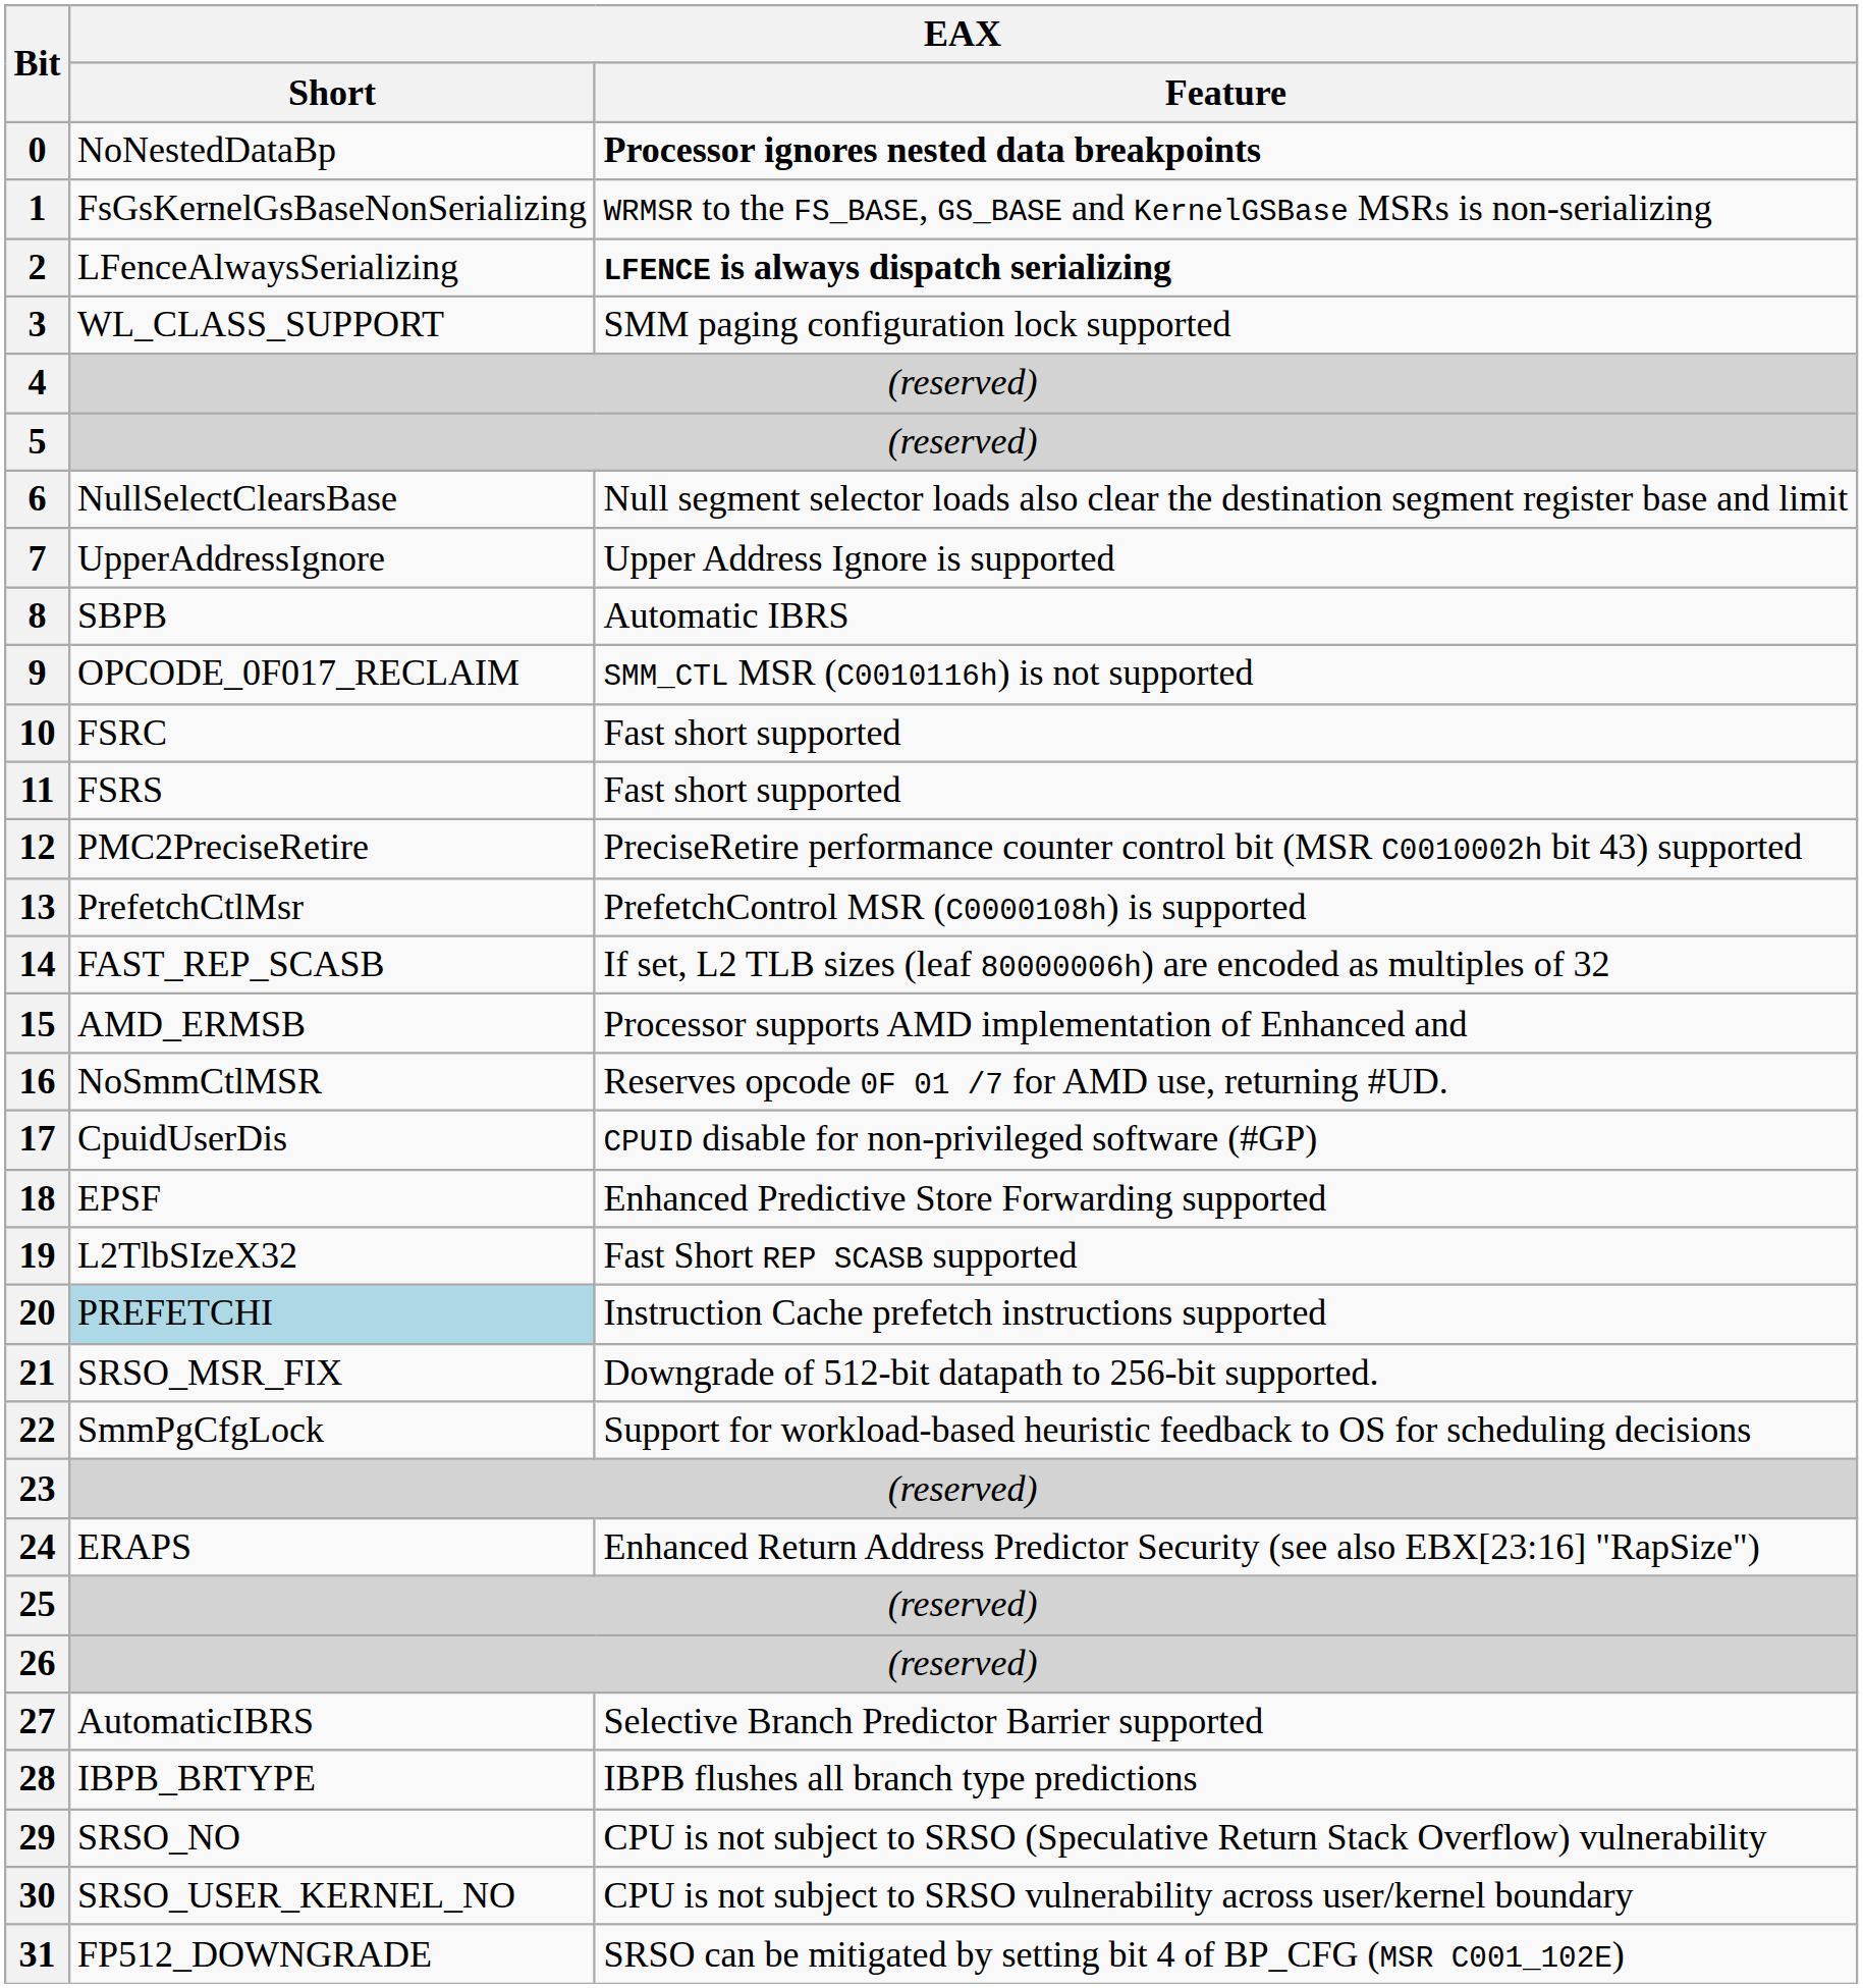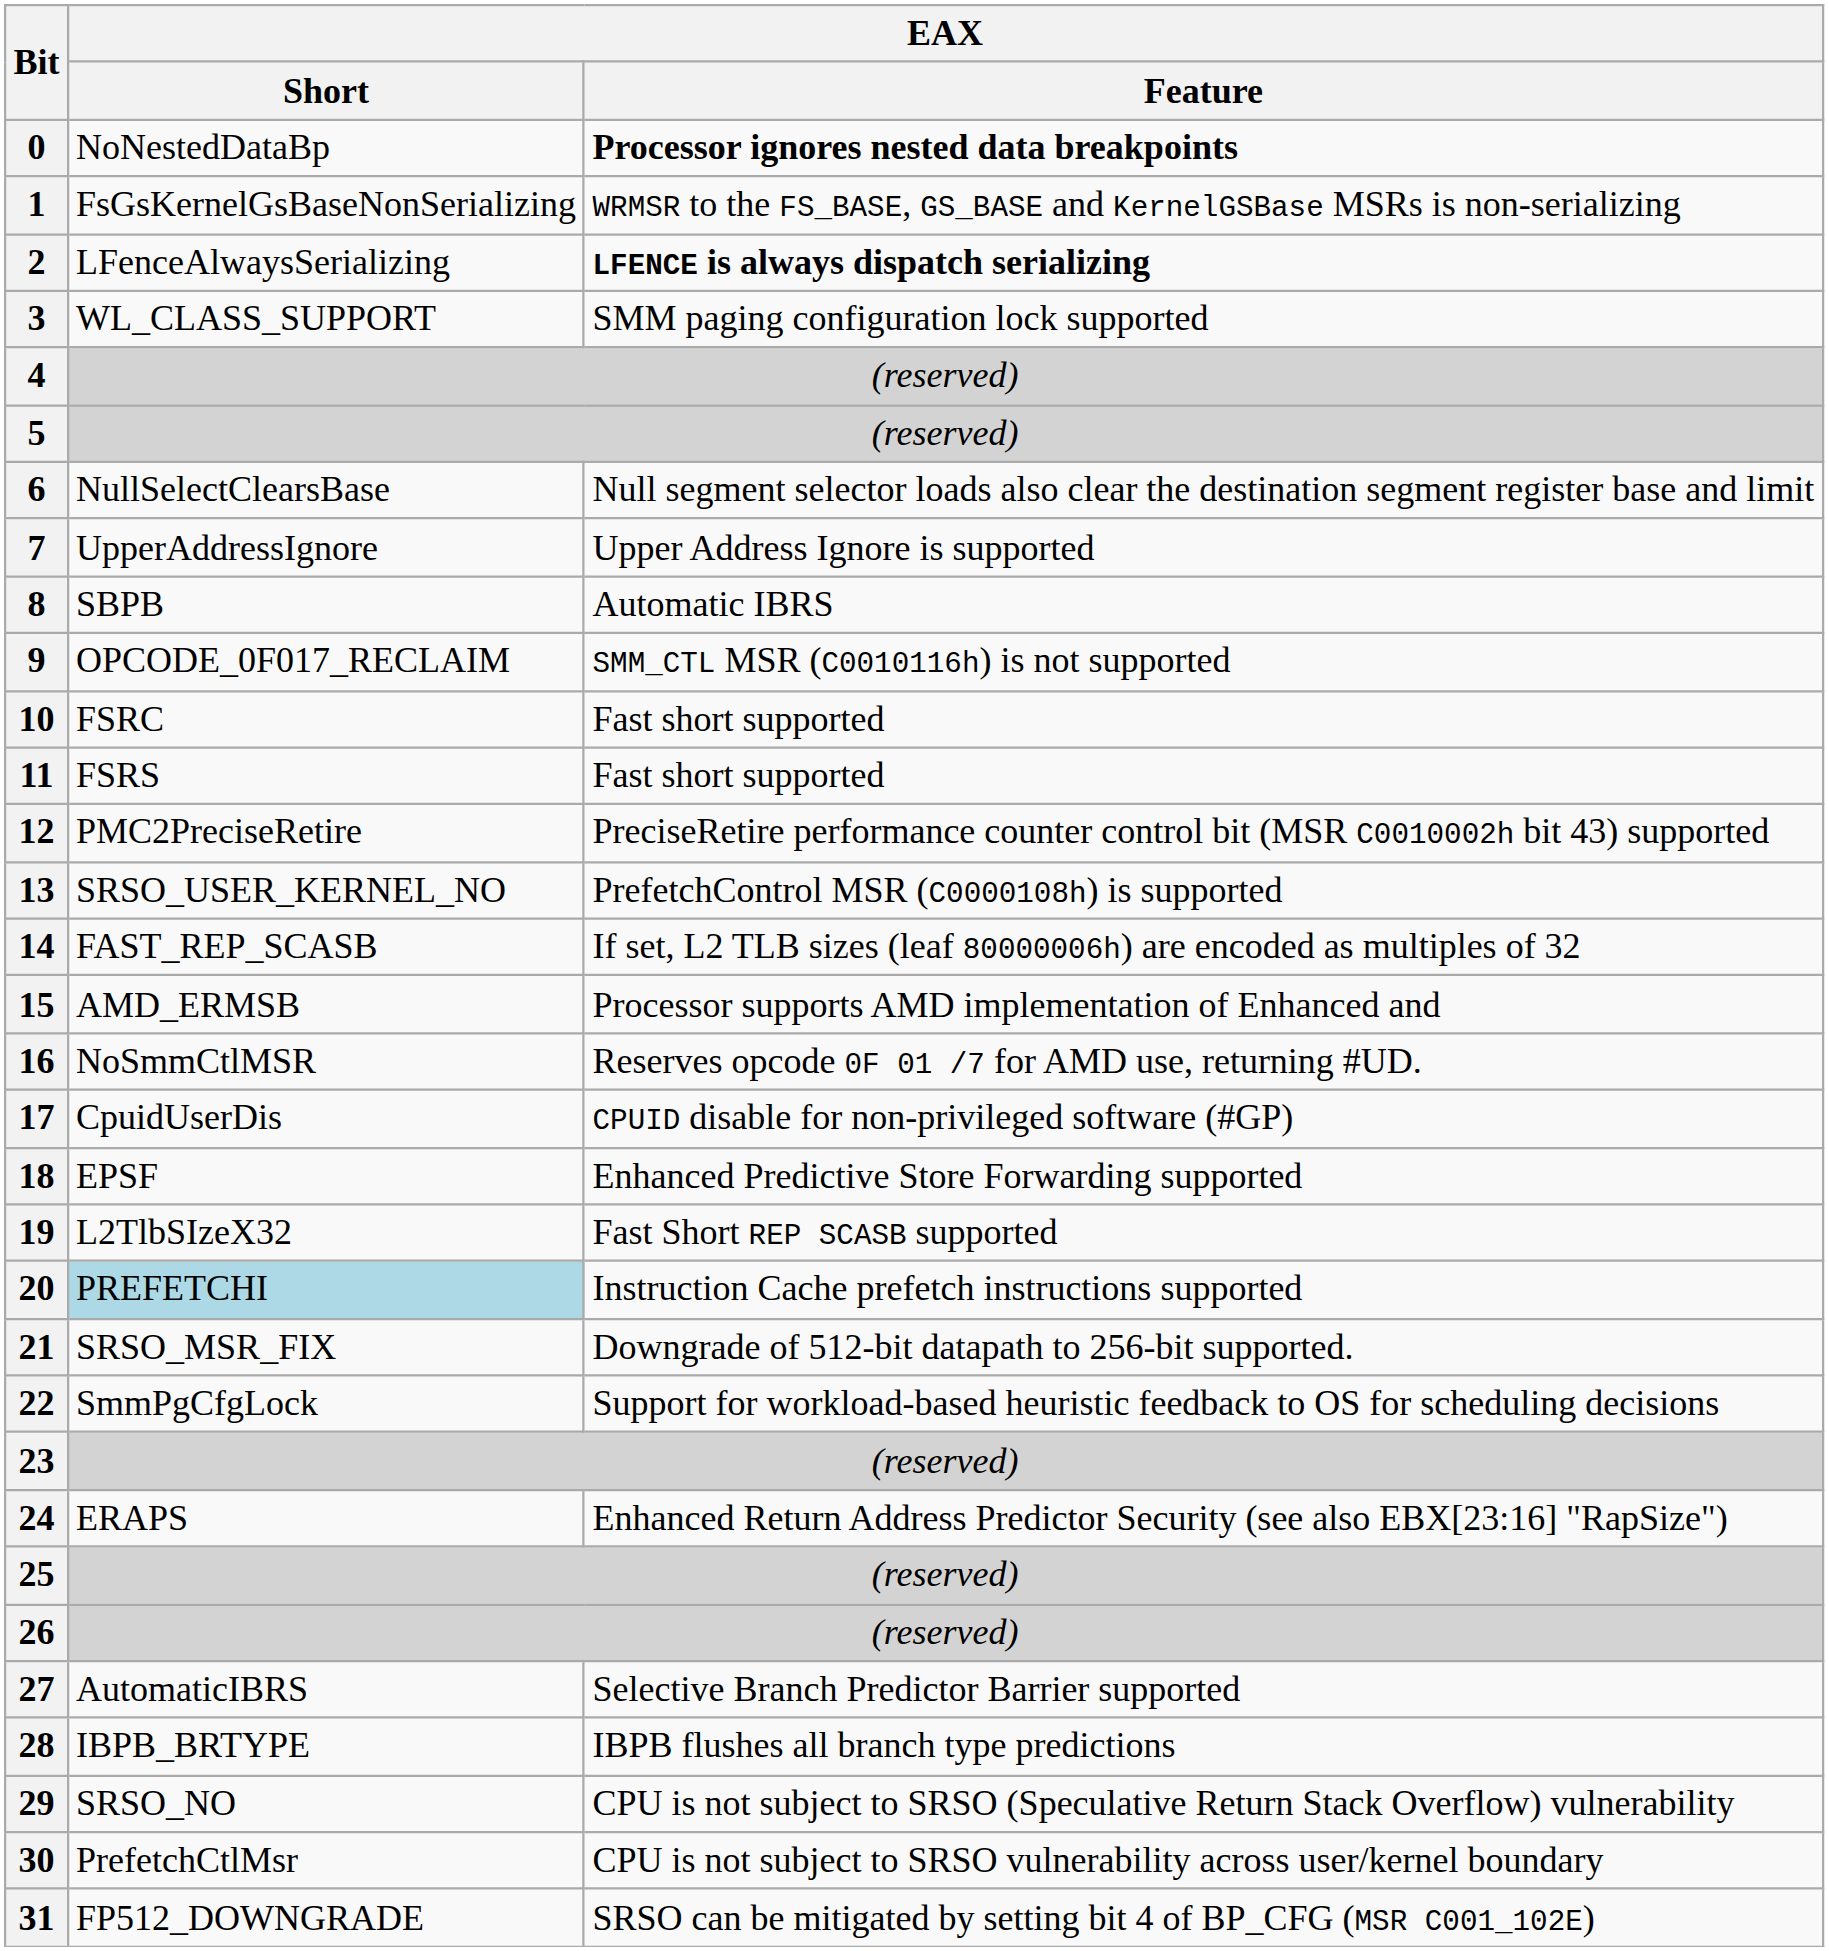 <table class="wikitable">
 <tr>
 <th rowspan=2>Bit</th>
 <th colspan=2>EAX</th>
 </tr>
 <tr>
 <th>Short</th>
 <th>Feature</th>
 </tr>
 <tr>
 <th>0</th>
 <td>NoNestedDataBp</td>
 <td><strong>Processor ignores nested data breakpoints</strong></td>
 </tr>
 <tr>
 <th>1</th>
 <td>FsGsKernelGsBase­NonSerializing</td>
 <td><code>WRMSR</code> to the <code>FS_BASE</code>, <code>GS_BASE</code> and <code>KernelGSBase</code> MSRs is non-serializing</td>
 </tr>
 <tr>
 <th>2</th>
 <td>LFenceAlways­Serializing</td>
 <td><strong><code>LFENCE</code> is always dispatch serializing</strong></td>
 </tr>
 <tr>
 <th>3</th>
 <td>WL_CLASS_­SUPPORT</td>
 <td>SMM paging configuration lock supported</td>
 </tr>
 <tr>
 <th>4</th>
 <td colspan="2" style="text-align:center; background:lightgrey;"><em>(reserved)</em></td>
 </tr>
 <tr>
 <th>5</th>
 <td colspan="2" style="text-align:center; background:lightgrey;"><em>(reserved)</em></td>
 </tr>
 <tr>
 <th>6</th>
 <td>NullSelect­ClearsBase</td>
 <td>Null segment selector loads also clear the destination segment register base and limit</td>
 </tr>
 <tr>
 <th>7</th>
 <td>UpperAddress­Ignore</td>
 <td>Upper Address Ignore is supported</td>
 </tr>
 <tr>
 <th>8</th>
 <td>SBPB</td>
 <td>Automatic IBRS</td>
 </tr>
 <tr>
 <th>9</th>
 <td>OPCODE_0F017_­RECLAIM</td>
 <td><code>SMM_CTL</code> MSR (<code>C0010116h</code>) is not supported</td>
 </tr>
 <tr>
 <th>10</th>
 <td>FSRC</td>
 <td>Fast short  supported</td>
 </tr>
 <tr>
 <th>11</th>
 <td>FSRS</td>
 <td>Fast short  supported</td>
 </tr>
 <tr>
 <th>12</th>
 <td>PMC2Precise­Retire</td>
 <td>PreciseRetire performance counter control bit (MSR <code>C0010002h</code> bit 43) supported</td>
 </tr>
 <tr>
 <th>13</th>
-<td>PrefetchCtlMsr</td>
+<td>SRSO_USER_­KERNEL_NO</td>
 <td>PrefetchControl MSR (<code>C0000108h</code>) is supported</td>
 </tr>
 <tr>
 <th>14</th>
 <td>FAST_REP_SCASB</td>
 <td>If set, L2 TLB sizes (leaf <code>80000006h</code>) are encoded as multiples of 32</td>
 </tr>
 <tr>
 <th>15</th>
 <td>AMD_ERMSB</td>
 <td>Processor supports AMD implementation of Enhanced  and </td>
 </tr>
 <tr>
 <th>16</th>
 <td>NoSmmCtlMSR</td>
 <td>Reserves opcode <code>0F 01 /7</code> for AMD use, returning #UD.</td>
 </tr>
 <tr>
 <th>17</th>
 <td>CpuidUserDis</td>
 <td><code>CPUID</code> disable for non-privileged software (#GP)</td>
 </tr>
 <tr>
 <th>18</th>
 <td>EPSF</td>
 <td>Enhanced Predictive Store Forwarding supported</td>
 </tr>
 <tr>
 <th>19</th>
 <td>L2TlbSIzeX32</td>
 <td>Fast Short <code>REP SCASB</code> supported</td>
 </tr>
 <tr>
 <th>20</th>
 <td style="background: lightblue;">PREFETCHI</td>
 <td>Instruction Cache prefetch instructions supported</td>
 </tr>
 <tr>
 <th>21</th>
 <td>SRSO_MSR_FIX</td>
 <td>Downgrade of 512-bit datapath to 256-bit supported.</td>
 </tr>
 <tr>
 <th>22</th>
 <td>SmmPgCfgLock</td>
 <td>Support for workload-based heuristic feedback to OS for scheduling decisions</td>
 </tr>
 <tr>
 <th>23</th>
 <td colspan="2" style="text-align:center; background:lightgrey;"><em>(reserved)</em></td>
 </tr>
 <tr>
 <th>24</th>
 <td>ERAPS</td>
 <td>Enhanced Return Address Predictor Security (see also EBX[23:16] "RapSize")</td>
 </tr>
 <tr>
 <th>25</th>
 <td colspan="2" style="text-align:center; background:lightgrey;"><em>(reserved)</em></td>
 </tr>
 <tr>
 <th>26</th>
 <td colspan="2" style="text-align:center; background:lightgrey;"><em>(reserved)</em></td>
 </tr>
 <tr>
 <th>27</th>
 <td>AutomaticIBRS</td>
 <td>Selective Branch Predictor Barrier supported</td>
 </tr>
 <tr>
 <th>28</th>
 <td>IBPB_BRTYPE</td>
 <td>IBPB flushes all branch type predictions</td>
 </tr>
 <tr>
 <th>29</th>
 <td>SRSO_NO</td>
 <td>CPU is not subject to SRSO (Speculative Return Stack Overflow) vulnerability</td>
 </tr>
 <tr>
 <th>30</th>
-<td>SRSO_USER_­KERNEL_NO</td>
+<td>PrefetchCtlMsr</td>
 <td>CPU is not subject to SRSO vulnerability across user/kernel boundary</td>
 </tr>
 <tr>
 <th>31</th>
 <td>FP512_­DOWNGRADE</td>
 <td>SRSO can be mitigated by setting bit 4 of BP_CFG (<code>MSR C001_102E</code>)</td>
 </tr>
 </table>
